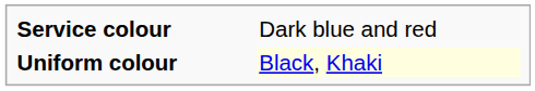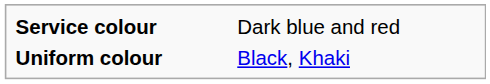 <table class="infobox" style="font-size: 80%; text-align: left; width: 23.5em">
 <tr>
 <td><strong>Service colour</strong></td>
 <td>Dark blue and red <br></td>
 </tr>
 <tr>
 <td><strong>Uniform colour</strong></td>
-<td style="background: lightyellow;"><a href='#'>Black</a>, <a href='#'>Khaki</a> <br></td>
+<td><a href='#'>Black</a>, <a href='#'>Khaki</a> <br></td>
 </tr>
 </table>
